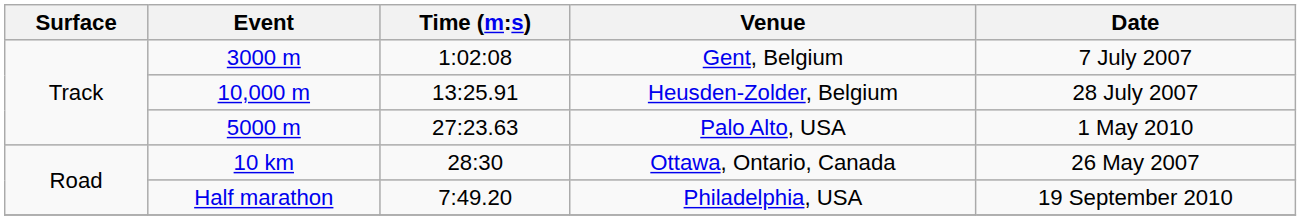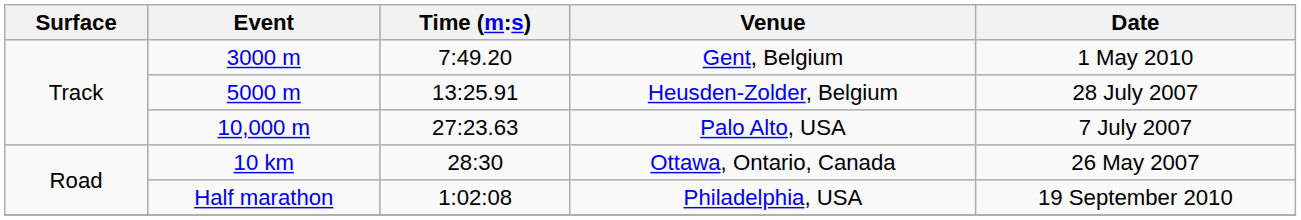 <table class="wikitable" style="text-align:center; font-size:95%;" width="70%">
 <tr>
 <th>Surface</th>
 <th>Event</th>
 <th>Time (<a href='#'>m</a>:<a href='#'>s</a>)</th>
 <th>Venue</th>
 <th>Date</th>
 </tr>
 <tr>
 <td rowspan=3>Track</td>
 <td><a href='#'>3000 m</a></td>
-<td>1:02:08</td>
+<td>7:49.20</td>
 <td><a href='#'>Gent</a>, Belgium</td>
-<td>7 July 2007</td>
+<td>1 May 2010</td>
 </tr>
 <tr>
-<td><a href='#'>10,000 m</a></td>
+<td><a href='#'>5000 m</a></td>
 <td>13:25.91</td>
 <td><a href='#'>Heusden-Zolder</a>, Belgium</td>
 <td>28 July 2007</td>
 </tr>
 <tr>
-<td><a href='#'>5000 m</a></td>
+<td><a href='#'>10,000 m</a></td>
 <td>27:23.63</td>
 <td><a href='#'>Palo Alto</a>, USA</td>
-<td>1 May 2010</td>
+<td>7 July 2007</td>
 </tr>
 <tr>
 <td rowspan=2>Road</td>
 <td><a href='#'>10 km</a></td>
 <td>28:30</td>
 <td><a href='#'>Ottawa</a>, Ontario, Canada</td>
 <td>26 May 2007</td>
 </tr>
 <tr>
 <td><a href='#'>Half marathon</a></td>
-<td>7:49.20</td>
+<td>1:02:08</td>
 <td><a href='#'>Philadelphia</a>, USA</td>
 <td>19 September 2010</td>
 </tr>
 <tr>
 </tr>
 </table>
